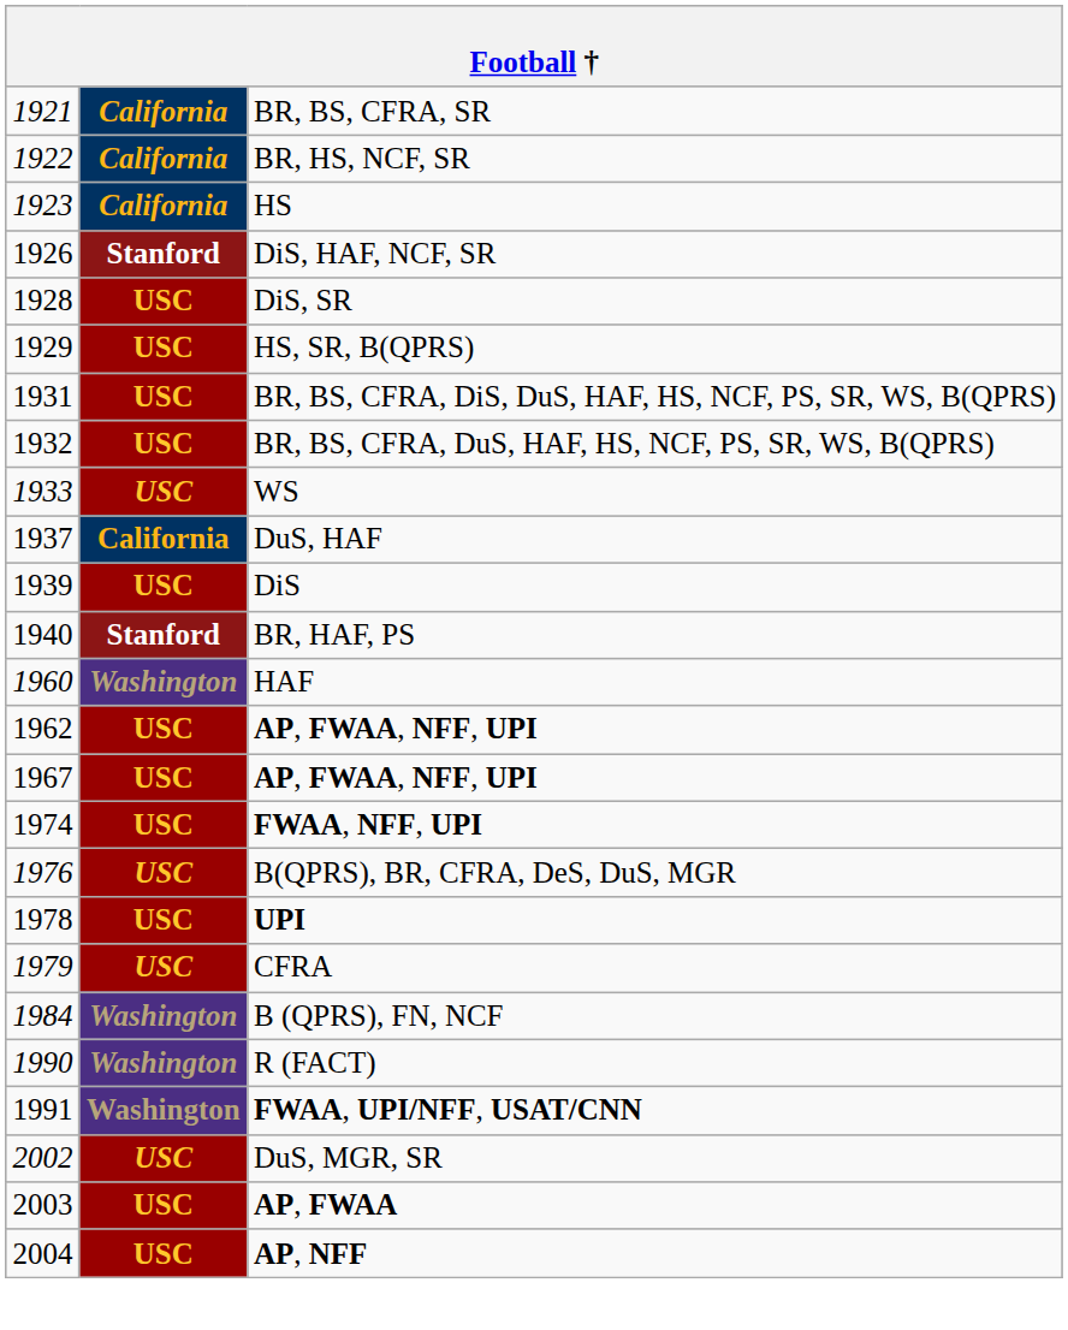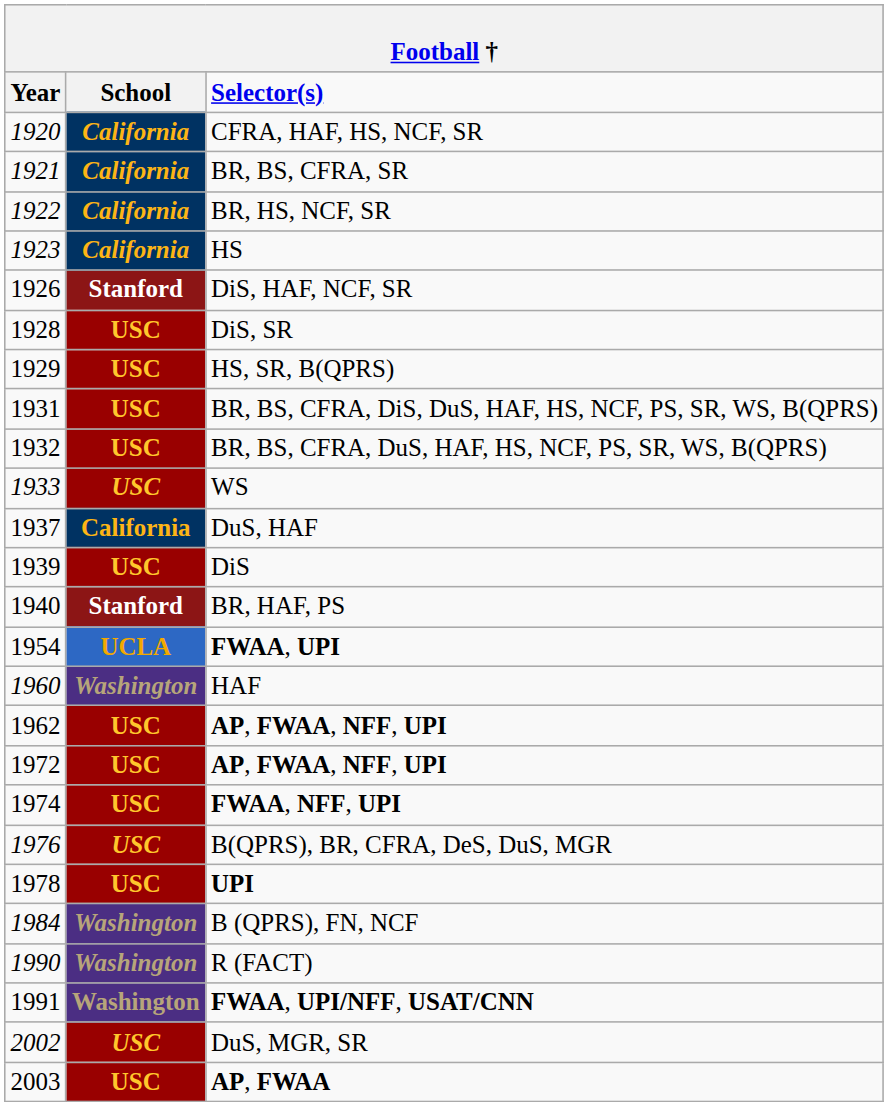 <table class="wikitable">
 <tr>
 <th colspan=3><br><a href='#'>Football</a> †</th>
+</tr>
+<tr>
+<th>Year</th>
+<th>School</th>
+<td><a href='#'><strong>Selector(s)</strong></a></td>
+</tr>
+<tr>
+<td><em>1920</em></td>
+<th style="background:#003262; color:#FDB515;"><em>California</em></th>
+<td>CFRA, HAF, HS, NCF, SR</td>
 </tr>
 <tr>
 <td><em>1921</em></td>
 <th style="background:#003262; color:#FDB515;"><em>California</em></th>
 <td>BR, BS, CFRA, SR</td>
 </tr>
 <tr>
 <td><em>1922</em></td>
 <th style="background:#003262; color:#FDB515;"><em>California</em></th>
 <td>BR, HS, NCF, SR</td>
 </tr>
 <tr>
 <td><em>1923</em></td>
 <th style="background:#003262; color:#FDB515;"><em>California</em></th>
 <td>HS</td>
 </tr>
 <tr>
 <td>1926</td>
 <th style="background:#8C1515; color:#FFFFFF;">Stanford</th>
 <td>DiS, HAF, NCF, SR</td>
 </tr>
 <tr>
 <td>1928</td>
 <th style="background:#990000; color:#FFC72C;">USC</th>
 <td>DiS, SR</td>
 </tr>
 <tr>
 <td>1929</td>
 <th style="background:#990000; color:#FFC72C;">USC</th>
 <td>HS, SR, B(QPRS)</td>
 </tr>
 <tr>
 <td>1931</td>
 <th style="background:#990000; color:#FFC72C;">USC</th>
 <td>BR, BS, CFRA, DiS, DuS, HAF, HS, NCF, PS, SR, WS, B(QPRS)</td>
 </tr>
 <tr>
 <td>1932</td>
 <th style="background:#990000; color:#FFC72C;">USC</th>
 <td>BR, BS, CFRA, DuS, HAF, HS, NCF, PS, SR, WS, B(QPRS)</td>
 </tr>
 <tr>
 <td><em>1933</em></td>
 <th style="background:#990000; color:#FFC72C;"><em>USC</em></th>
 <td>WS</td>
 </tr>
 <tr>
 <td>1937</td>
 <th style="background:#003262; color:#FDB515;">California</th>
 <td>DuS, HAF</td>
 </tr>
 <tr>
 <td>1939</td>
 <th style="background:#990000; color:#FFC72C;">USC</th>
 <td>DiS</td>
 </tr>
 <tr>
 <td>1940</td>
 <th style="background:#8C1515; color:#FFFFFF;">Stanford</th>
 <td>BR, HAF, PS</td>
 </tr>
 <tr>
+<td>1954</td>
+<th style="background:#2D68C4; color:#F2A900;">UCLA</th>
+<td><strong>FWAA</strong>, <strong>UPI</strong></td>
+</tr>
+<tr>
 <td><em>1960</em></td>
 <th style="background:#4B2E83; color:#B7A57A;"><em>Washington</em></th>
 <td>HAF</td>
 </tr>
 <tr>
 <td>1962</td>
 <th style="background:#990000; color:#FFC72C;">USC</th>
 <td><strong>AP</strong>, <strong>FWAA</strong>, <strong>NFF</strong>, <strong>UPI</strong></td>
 </tr>
 <tr>
-<td>1967</td>
+<td>1972</td>
 <th style="background:#990000; color:#FFC72C;">USC</th>
 <td><strong>AP</strong>, <strong>FWAA</strong>, <strong>NFF</strong>, <strong>UPI</strong></td>
 </tr>
 <tr>
 <td>1974</td>
 <th style="background:#990000; color:#FFC72C;">USC</th>
 <td><strong>FWAA</strong>, <strong>NFF</strong>, <strong>UPI</strong></td>
 </tr>
 <tr>
 <td><em>1976</em></td>
 <th style="background:#990000; color:#FFC72C;"><em>USC</em></th>
 <td>B(QPRS), BR, CFRA, DeS, DuS, MGR</td>
 </tr>
 <tr>
 <td>1978</td>
 <th style="background:#990000; color:#FFC72C;">USC</th>
 <td><strong>UPI</strong></td>
-</tr>
-<tr>
-<td><em>1979</em></td>
-<th style="background:#990000; color:#FFC72C;"><em>USC</em></th>
-<td>CFRA</td>
 </tr>
 <tr>
 <td><em>1984</em></td>
 <th style="background:#4B2E83; color:#B7A57A;"><em>Washington</em></th>
 <td>B (QPRS), FN, NCF</td>
 </tr>
 <tr>
 <td><em>1990</em></td>
 <th style="background:#4B2E83; color:#B7A57A;"><em>Washington</em></th>
 <td>R (FACT)</td>
 </tr>
 <tr>
 <td>1991</td>
 <th style="background:#4B2E83; color:#B7A57A;">Washington</th>
 <td><strong>FWAA</strong>, <strong>UPI/NFF</strong>, <strong>USAT/CNN</strong></td>
 </tr>
 <tr>
 <td><em>2002</em></td>
 <th style="background:#990000; color:#FFC72C;"><em>USC</em></th>
 <td>DuS, MGR, SR</td>
 </tr>
 <tr>
 <td>2003</td>
 <th style="background:#990000; color:#FFC72C;">USC</th>
 <td><strong>AP</strong>, <strong>FWAA</strong></td>
 </tr>
-<tr>
-<td>2004</td>
-<th style="background:#990000; color:#FFC72C;">USC</th>
-<td><strong>AP</strong>, <strong>NFF</strong></td>
-</tr>
 </table>
